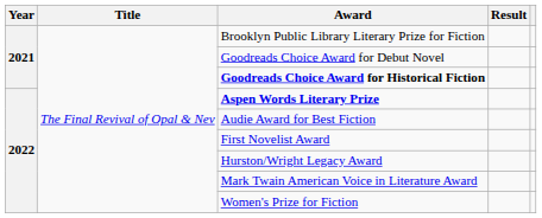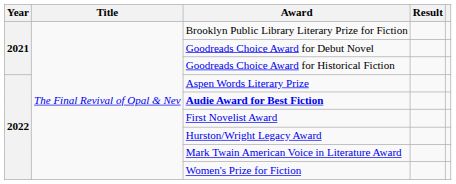 <table class="wikitable">
 <tr>
 <th>Year</th>
 <th>Title</th>
 <th>Award</th>
 <th>Result</th>
 <th></th>
 </tr>
 <tr>
 <th rowspan="3">2021</th>
 <td rowspan="9"><em><a href='#'>The Final Revival of Opal & Nev</a></em></td>
 <td>Brooklyn Public Library Literary Prize for Fiction</td>
 <td></td>
 <td></td>
 </tr>
 <tr>
 <td><a href='#'>Goodreads Choice Award</a> for Debut Novel</td>
 <td></td>
 <td></td>
 </tr>
 <tr>
-<td><strong><a href='#'>Goodreads Choice Award</a> for Historical Fiction</strong></td>
+<td><a href='#'>Goodreads Choice Award</a> for Historical Fiction</td>
 <td></td>
 <td></td>
 </tr>
 <tr>
 <th rowspan="6">2022</th>
-<td><strong><a href='#'>Aspen Words Literary Prize</a></strong></td>
+<td><a href='#'>Aspen Words Literary Prize</a></td>
 <td></td>
 <td></td>
 </tr>
 <tr>
-<td><a href='#'>Audie Award for Best Fiction</a></td>
+<td><strong><a href='#'>Audie Award for Best Fiction</a></strong></td>
 <td></td>
 <td></td>
 </tr>
 <tr>
 <td><a href='#'>First Novelist Award</a></td>
 <td></td>
 <td></td>
 </tr>
 <tr>
 <td><a href='#'>Hurston/Wright Legacy Award</a></td>
 <td></td>
 <td></td>
 </tr>
 <tr>
 <td><a href='#'>Mark Twain American Voice in Literature Award</a></td>
 <td></td>
 <td></td>
 </tr>
 <tr>
 <td><a href='#'>Women's Prize for Fiction</a></td>
 <td></td>
 <td></td>
 </tr>
 </table>
